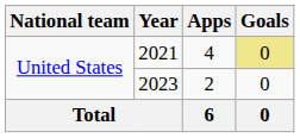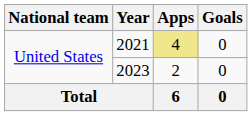 <table class="wikitable" style="text-align:center">
 <tr>
 <th>National team</th>
 <th>Year</th>
 <th>Apps</th>
 <th>Goals</th>
 </tr>
 <tr>
 <td rowspan="2"><a href='#'>United States</a></td>
 <td>2021</td>
-<td>4</td>
-<td style="background: khaki;">0</td>
+<td style="background: khaki;">4</td>
+<td>0</td>
 </tr>
 <tr>
 <td>2023</td>
 <td>2</td>
 <td>0</td>
 </tr>
 <tr>
 <th colspan="2">Total</th>
 <th>6</th>
 <th>0</th>
 </tr>
 </table>
